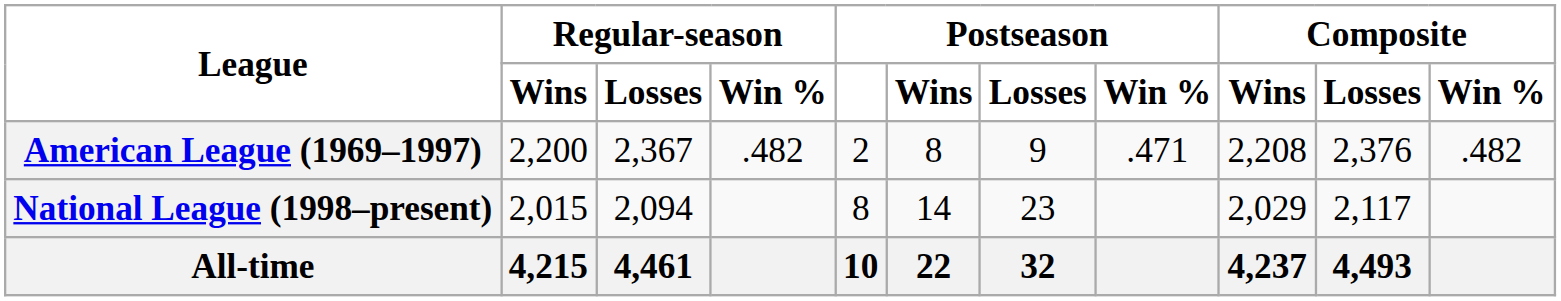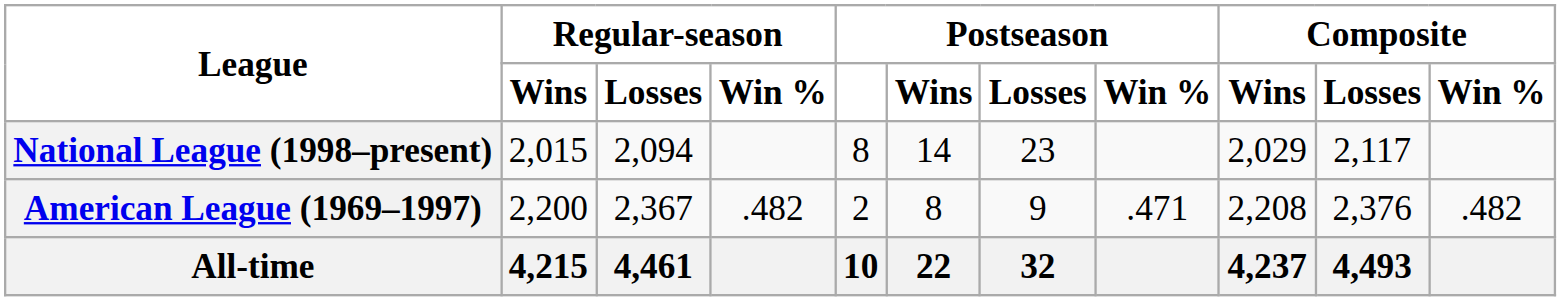 <table class="wikitable sortable plainrowheaders" style="font-size: 95%; text-align:center;">
 <tr>
 <th rowspan="2" scope="col" style="background-color:#ffffff; border-top:#">League</th>
 <th colspan="3" scope="col" style="background-color:#ffffff; border-top:#">Regular-season</th>
 <th colspan="4" scope="col" style="background-color:#ffffff; border-top:#">Postseason</th>
 <th colspan="3" scope="col" style="background-color:#ffffff; border-top:#">Composite</th>
 </tr>
 <tr>
 <th scope="col" style="background-color:#ffffff; border-bottom:#">Wins</th>
 <th scope="col" style="background-color:#ffffff; border-bottom:#">Losses</th>
 <th scope="col" style="background-color:#ffffff; border-bottom:#">Win %</th>
 <th scope="col" style="background-color:#ffffff; border-bottom:#"></th>
 <th scope="col" style="background-color:#ffffff; border-bottom:#">Wins</th>
 <th scope="col" style="background-color:#ffffff; border-bottom:#">Losses</th>
 <th scope="col" style="background-color:#ffffff; border-bottom:#">Win %</th>
 <th scope="col" style="background-color:#ffffff; border-bottom:#">Wins</th>
 <th scope="col" style="background-color:#ffffff; border-bottom:#">Losses</th>
 <th scope="col" style="background-color:#ffffff; border-bottom:#">Win %</th>
 </tr>
 <tr>
+<th scope="row"><a href='#'>National League</a> (1998–present)</th>
+<td>2,015</td>
+<td>2,094</td>
+<td></td>
+<td>8</td>
+<td>14</td>
+<td>23</td>
+<td></td>
+<td>2,029</td>
+<td>2,117</td>
+<td></td>
+</tr>
+<tr>
 <th scope="row"><a href='#'>American League</a> (1969–1997)</th>
 <td>2,200</td>
 <td>2,367</td>
 <td>.482</td>
 <td>2</td>
 <td>8</td>
 <td>9</td>
 <td>.471</td>
 <td>2,208</td>
 <td>2,376</td>
 <td>.482</td>
-</tr>
-<tr>
-<th scope="row"><a href='#'>National League</a> (1998–present)</th>
-<td>2,015</td>
-<td>2,094</td>
-<td></td>
-<td>8</td>
-<td>14</td>
-<td>23</td>
-<td></td>
-<td>2,029</td>
-<td>2,117</td>
-<td></td>
 </tr>
 <tr>
 <th scope="row"><strong>All-time</strong></th>
 <th>4,215</th>
 <th>4,461</th>
 <th></th>
 <th>10</th>
 <th>22</th>
 <th>32</th>
 <th></th>
 <th>4,237</th>
 <th>4,493</th>
 <th></th>
 </tr>
 </table>
